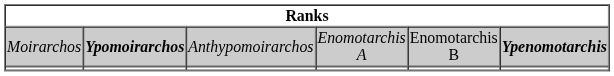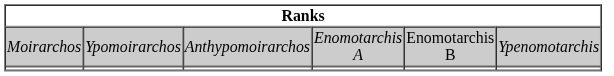 <table border="1" cellpadding="1" cellspacing="0" width="60%">
 <tr>
 <th colspan=6>Ranks</th>
 </tr>
 <tr align="center" - bgcolor="#CCCCCC">
 <td><em>Moirarchos</em></td>
-<td><strong><em>Ypomoirarchos</em></strong></td>
+<td><em>Ypomoirarchos</em></td>
 <td><em>Anthypomoirarchos</em></td>
 <td><em>Enomotarchis A<strong></td>
 <td></em>Enomotarchis Β</strong></td>
-<td><strong><em>Ypenomotarchis</em></strong></td>
+<td><em>Ypenomotarchis</em></td>
 </tr>
 <tr align="center" width="10%">
 <td></td>
 <td></td>
 <td></td>
 <td></td>
 <td></td>
 <td></td>
 </tr>
 </table>
